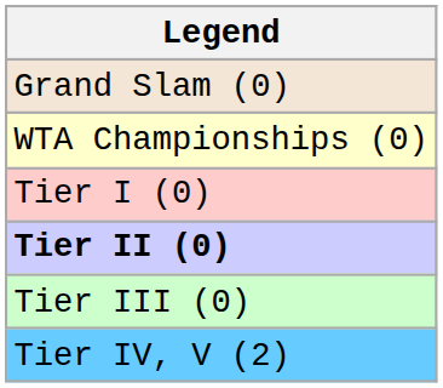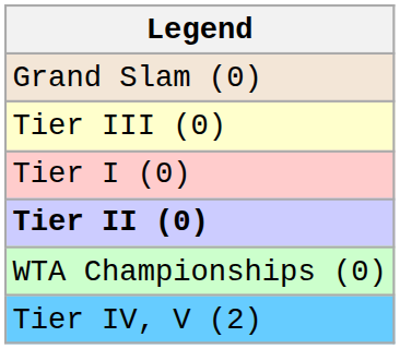 <table class="wikitable sortable mw-collapsible mw-collapsed">
 <tr>
 <th>Legend</th>
 </tr>
 <tr style="background:#f3e6d7;">
 <td>Grand Slam (0)</td>
 </tr>
 <tr style="background:#ffc;">
-<td>WTA Championships (0)</td>
+<td>Tier III (0)</td>
 </tr>
 <tr bgcolor="#FFCCCC">
 <td>Tier I (0)</td>
 </tr>
 <tr bgcolor="#CCCCFF">
 <td><strong>Tier II (0)</strong></td>
 </tr>
 <tr style="background:#cfc;">
-<td>Tier III (0)</td>
+<td>WTA Championships (0)</td>
 </tr>
 <tr style="background:#6cf;">
 <td>Tier IV, V (2)</td>
 </tr>
 </table>
